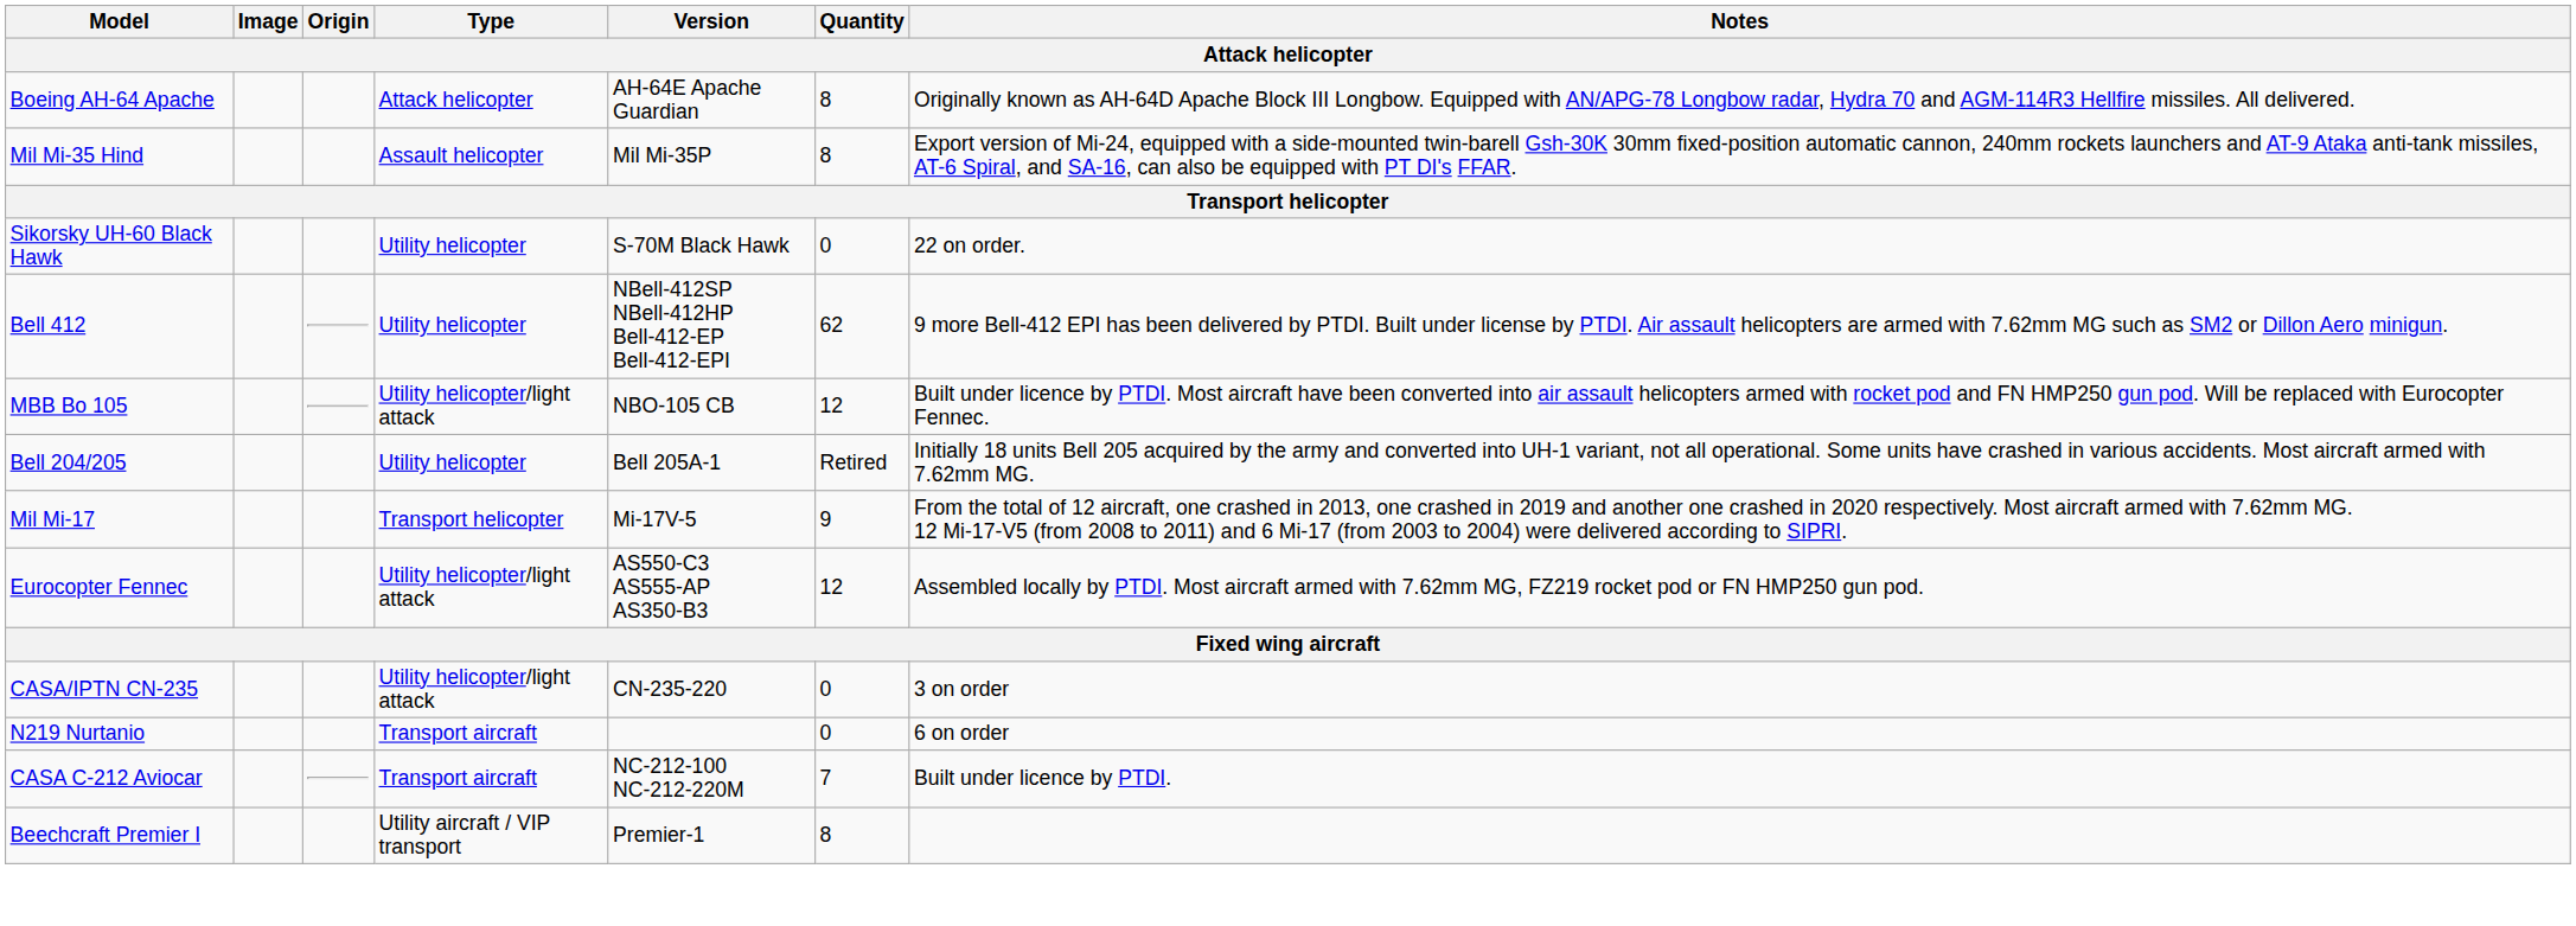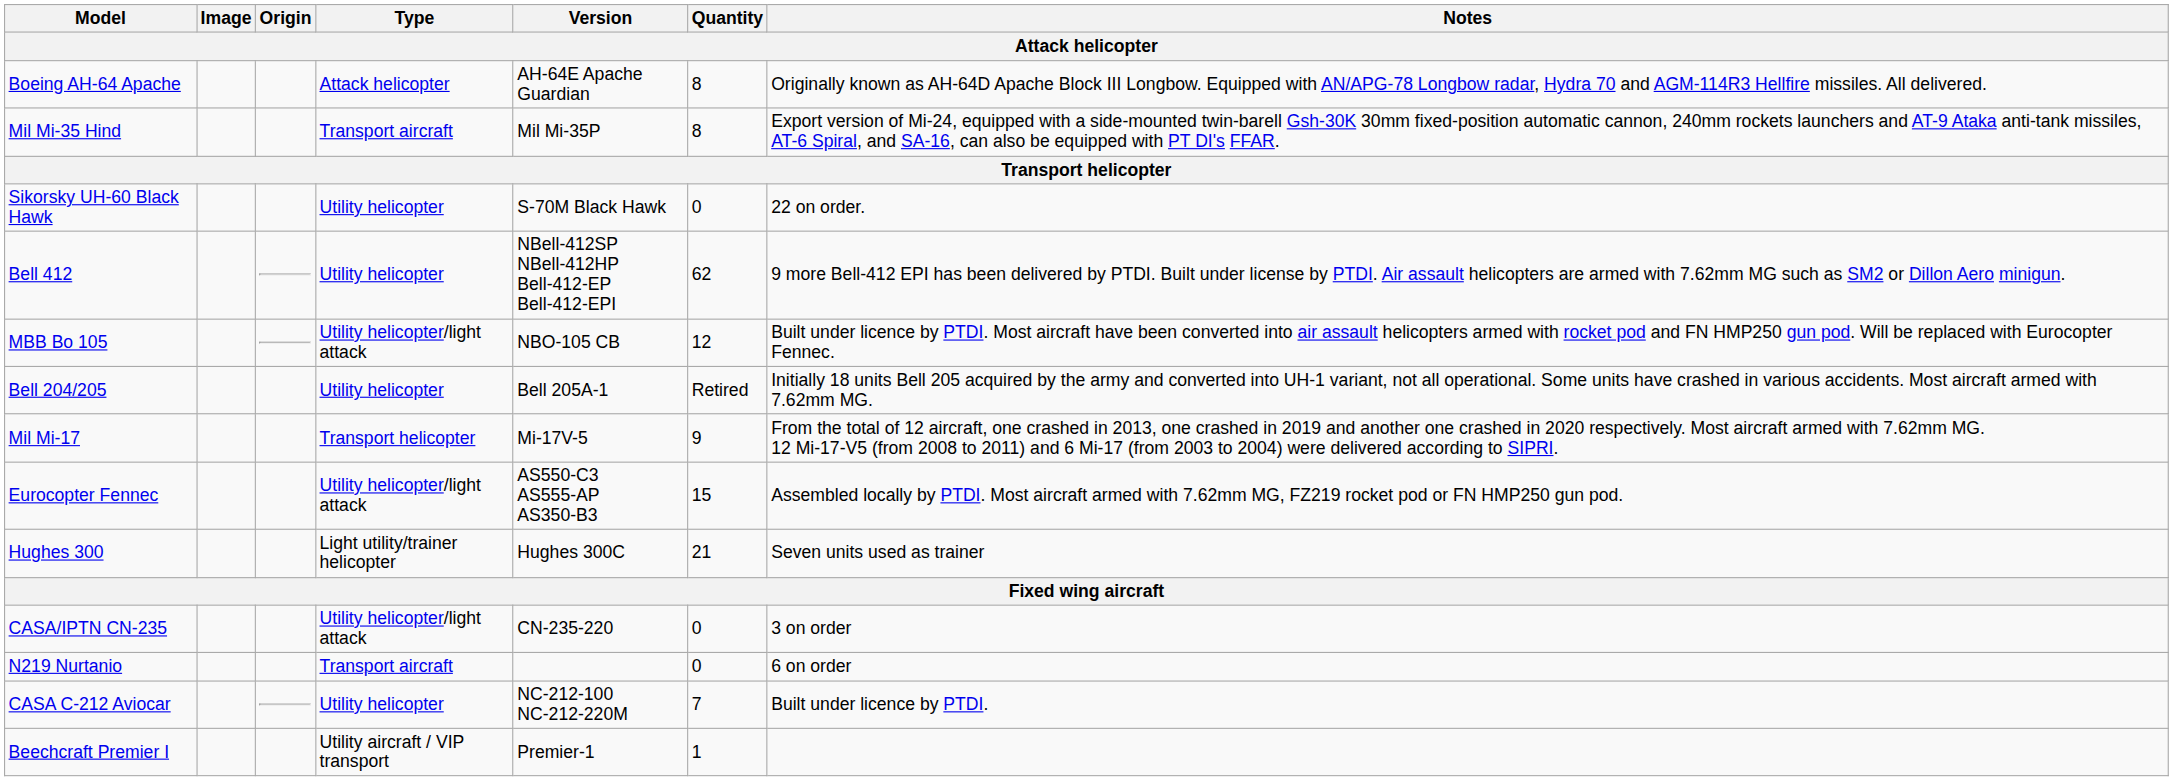 <table class="wikitable">
 <tr>
 <th>Model</th>
 <th>Image</th>
 <th>Origin</th>
 <th>Type</th>
 <th>Version</th>
 <th>Quantity</th>
 <th>Notes</th>
 </tr>
 <tr>
 <th style="align: center;" colspan="7">Attack helicopter</th>
 </tr>
 <tr>
 <td><a href='#'>Boeing AH-64 Apache</a></td>
 <td></td>
 <td></td>
 <td><a href='#'>Attack helicopter</a></td>
 <td>AH-64E Apache Guardian</td>
 <td>8</td>
 <td>Originally known as AH-64D Apache Block III Longbow. Equipped with <a href='#'>AN/APG-78 Longbow radar</a>, <a href='#'>Hydra 70</a> and <a href='#'>AGM-114R3 Hellfire</a> missiles. All delivered.</td>
 </tr>
 <tr>
 <td><a href='#'>Mil Mi-35 Hind</a></td>
 <td></td>
 <td></td>
-<td><a href='#'>Assault helicopter</a></td>
+<td><a href='#'>Transport aircraft</a></td>
 <td>Mil Mi-35P</td>
 <td>8</td>
 <td>Export version of Mi-24, equipped with a side-mounted twin-barell <a href='#'>Gsh-30K</a> 30mm fixed-position automatic cannon, 240mm rockets launchers and <a href='#'>AT-9 Ataka</a> anti-tank missiles, <a href='#'>AT-6 Spiral</a>, and <a href='#'>SA-16</a>, can also be equipped with <a href='#'>PT DI's</a> <a href='#'>FFAR</a>.</td>
 </tr>
 <tr>
 <th style="align: center;" colspan="7">Transport helicopter</th>
 </tr>
 <tr>
 <td><a href='#'>Sikorsky UH-60 Black Hawk</a></td>
 <td></td>
 <td></td>
 <td><a href='#'>Utility helicopter</a></td>
 <td>S-70M Black Hawk</td>
 <td>0</td>
 <td>22 on order.</td>
 </tr>
 <tr>
 <td><a href='#'>Bell 412</a></td>
 <td></td>
 <td><hr></td>
 <td><a href='#'>Utility helicopter</a></td>
 <td>NBell-412SP<br>NBell-412HP<br>Bell-412-EP<br>Bell-412-EPI</td>
 <td>62</td>
 <td>9 more Bell-412 EPI has been delivered by PTDI. Built under license by <a href='#'>PTDI</a>. <a href='#'>Air assault</a> helicopters are armed with 7.62mm MG such as <a href='#'>SM2</a> or <a href='#'>Dillon Aero</a> <a href='#'>minigun</a>.</td>
 </tr>
 <tr>
 <td><a href='#'>MBB Bo 105</a></td>
 <td></td>
 <td><hr></td>
 <td><a href='#'>Utility helicopter</a>/light attack</td>
 <td>NBO-105 CB</td>
 <td>12</td>
 <td>Built under licence by <a href='#'>PTDI</a>. Most aircraft have been converted into <a href='#'>air assault</a> helicopters armed with <a href='#'>rocket pod</a> and FN HMP250 <a href='#'>gun pod</a>. Will be replaced with Eurocopter Fennec.</td>
 </tr>
 <tr>
 <td><a href='#'>Bell 204/205</a></td>
 <td></td>
 <td></td>
 <td><a href='#'>Utility helicopter</a></td>
 <td>Bell 205A-1</td>
 <td>Retired</td>
 <td>Initially 18 units Bell 205 acquired by the army and converted into UH-1 variant, not all operational. Some units have crashed in various accidents. Most aircraft armed with 7.62mm MG.</td>
 </tr>
 <tr>
 <td><a href='#'>Mil Mi-17</a></td>
 <td></td>
 <td></td>
 <td><a href='#'>Transport helicopter</a></td>
 <td>Mi-17V-5</td>
 <td>9</td>
 <td>From the total of 12 aircraft, one crashed in 2013, one crashed in 2019 and another one crashed in 2020 respectively. Most aircraft armed with 7.62mm MG.<br>12 Mi-17-V5 (from 2008 to 2011) and 6 Mi-17 (from 2003 to 2004) were delivered according to <a href='#'>SIPRI</a>.</td>
 </tr>
 <tr>
 <td><a href='#'>Eurocopter Fennec</a></td>
 <td></td>
 <td></td>
 <td><a href='#'>Utility helicopter</a>/light attack</td>
 <td>AS550-C3<br>AS555-AP<br>AS350-B3</td>
-<td>12</td>
+<td>15</td>
 <td>Assembled locally by <a href='#'>PTDI</a>. Most aircraft armed with 7.62mm MG, FZ219 rocket pod or FN HMP250 gun pod.</td>
+</tr>
+<tr>
+<td><a href='#'>Hughes 300</a></td>
+<td></td>
+<td></td>
+<td>Light utility/trainer helicopter</td>
+<td>Hughes 300C</td>
+<td>21</td>
+<td>Seven units used as trainer</td>
 </tr>
 <tr>
 <th style="align: center;" colspan="7">Fixed wing aircraft</th>
 </tr>
 <tr>
 <td><a href='#'>CASA/IPTN CN-235</a></td>
 <td></td>
 <td></td>
 <td><a href='#'>Utility helicopter</a>/light attack</td>
 <td>CN-235-220</td>
 <td>0</td>
 <td>3 on order</td>
 </tr>
 <tr>
 <td><a href='#'>N219 Nurtanio</a></td>
 <td></td>
 <td></td>
 <td><a href='#'>Transport aircraft</a></td>
 <td></td>
 <td>0</td>
 <td>6 on order</td>
 </tr>
 <tr>
 <td><a href='#'>CASA C-212 Aviocar</a></td>
 <td></td>
 <td><hr></td>
-<td><a href='#'>Transport aircraft</a></td>
+<td><a href='#'>Utility helicopter</a></td>
 <td>NC-212-100<br>NC-212-220M</td>
 <td>7</td>
 <td>Built under licence by <a href='#'>PTDI</a>.</td>
 </tr>
 <tr>
 <td><a href='#'>Beechcraft Premier I</a></td>
 <td></td>
 <td></td>
 <td>Utility aircraft / VIP transport</td>
 <td>Premier-1</td>
-<td>8</td>
+<td>1</td>
 <td></td>
 </tr>
 </table>
